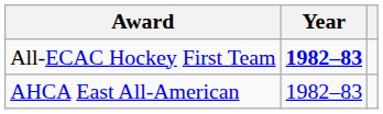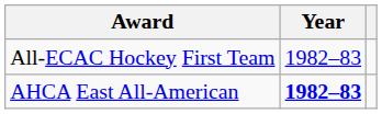 <table class="wikitable">
 <tr>
 <th>Award</th>
 <th>Year</th>
 <th></th>
 </tr>
 <tr>
 <td>All-<a href='#'>ECAC Hockey</a> <a href='#'>First Team</a></td>
-<td><strong><a href='#'>1982–83</a></strong></td>
+<td><a href='#'>1982–83</a></td>
 <td></td>
 </tr>
 <tr>
 <td><a href='#'>AHCA</a> <a href='#'>East All-American</a></td>
-<td><a href='#'>1982–83</a></td>
+<td><strong><a href='#'>1982–83</a></strong></td>
 <td></td>
 </tr>
 </table>
